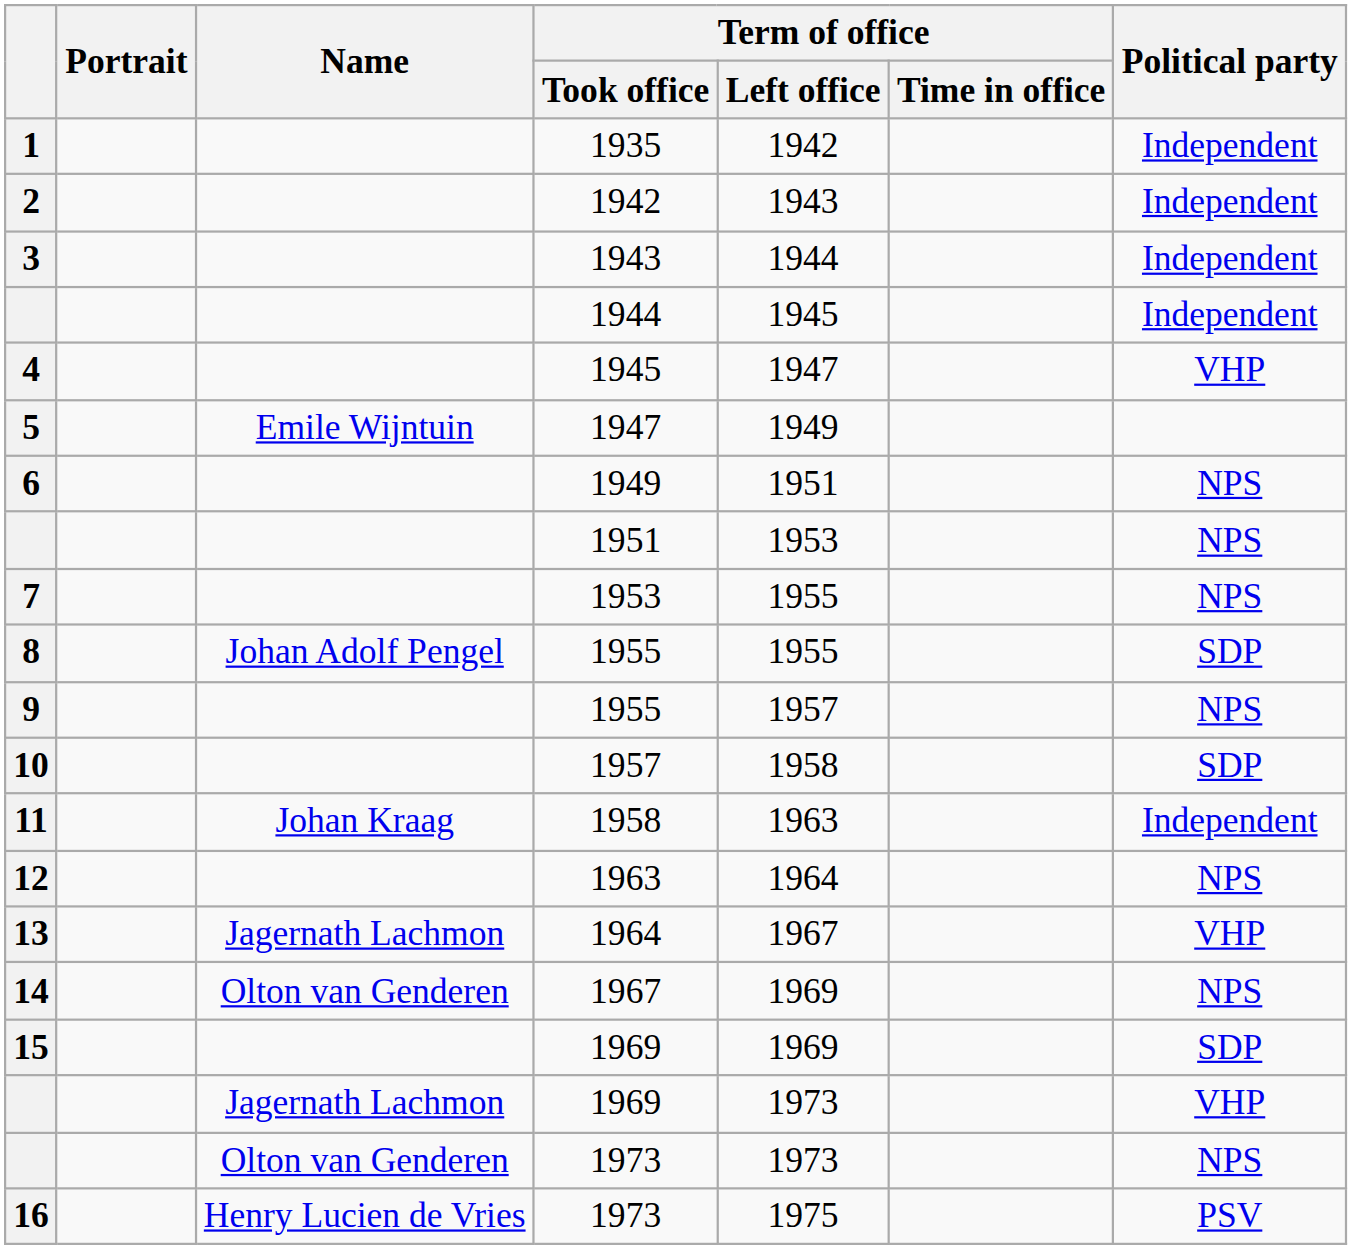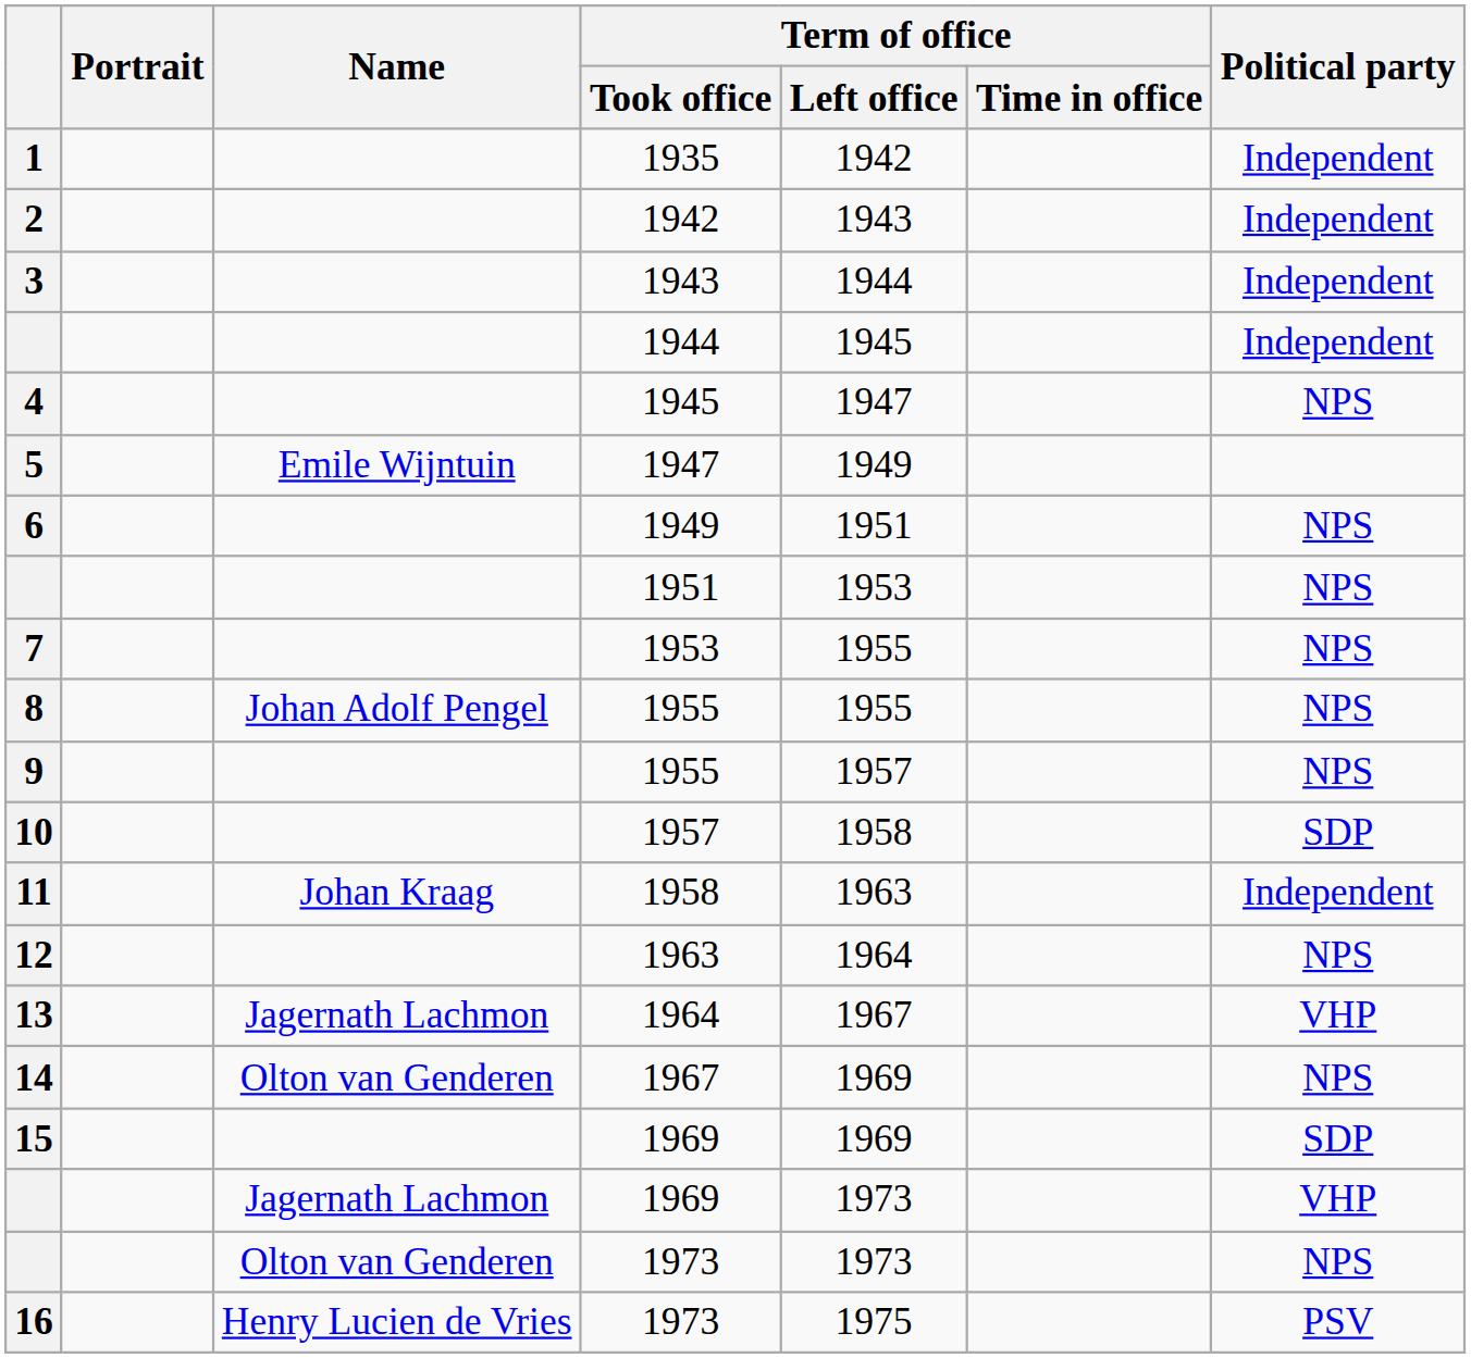 <table class="wikitable" style="text-align:center">
 <tr>
 <th rowspan=2></th>
 <th rowspan=2>Portrait</th>
 <th rowspan=2>Name<br></th>
 <th colspan=3>Term of office</th>
 <th rowspan=2>Political party</th>
 </tr>
 <tr>
 <th>Took office</th>
 <th>Left office</th>
 <th>Time in office</th>
 </tr>
 <tr>
 <th style="background:">1</th>
 <td></td>
 <td><br></td>
 <td> 1935</td>
 <td> 1942</td>
 <td></td>
 <td><a href='#'>Independent</a></td>
 </tr>
 <tr>
 <th style="background:">2</th>
 <td></td>
 <td><br></td>
 <td> 1942</td>
 <td> 1943</td>
 <td></td>
 <td><a href='#'>Independent</a></td>
 </tr>
 <tr>
 <th style="background:">3</th>
 <td></td>
 <td><br></td>
 <td> 1943</td>
 <td> 1944</td>
 <td></td>
 <td><a href='#'>Independent</a></td>
 </tr>
 <tr>
 <th style="background:"></th>
 <td></td>
 <td><br></td>
 <td> 1944</td>
 <td> 1945</td>
 <td></td>
 <td><a href='#'>Independent</a></td>
 </tr>
 <tr>
 <th style="background:">4</th>
 <td></td>
 <td><br></td>
 <td> 1945</td>
 <td> 1947</td>
 <td></td>
-<td><a href='#'>VHP</a></td>
+<td><a href='#'>NPS</a></td>
 </tr>
 <tr>
 <th style="background:">5</th>
 <td></td>
 <td><a href='#'>Emile Wijntuin</a><br></td>
 <td> 1947</td>
 <td> 1949</td>
 <td></td>
 <td></td>
 </tr>
 <tr>
 <th style="background:">6</th>
 <td></td>
 <td><br></td>
 <td> 1949</td>
 <td> 1951</td>
 <td></td>
 <td><a href='#'>NPS</a></td>
 </tr>
 <tr>
 <th style="background:"></th>
 <td></td>
 <td><br></td>
 <td> 1951</td>
 <td> 1953</td>
 <td></td>
 <td><a href='#'>NPS</a></td>
 </tr>
 <tr>
 <th style="background:">7</th>
 <td></td>
 <td><br></td>
 <td> 1953</td>
 <td> 1955</td>
 <td></td>
 <td><a href='#'>NPS</a></td>
 </tr>
 <tr>
 <th style="background:">8</th>
 <td></td>
 <td><a href='#'>Johan Adolf Pengel</a><br></td>
 <td> 1955</td>
 <td> 1955</td>
 <td></td>
-<td><a href='#'>SDP</a></td>
+<td><a href='#'>NPS</a></td>
 </tr>
 <tr>
 <th style="background:">9</th>
 <td></td>
 <td><br></td>
 <td> 1955</td>
 <td> 1957</td>
 <td></td>
 <td><a href='#'>NPS</a></td>
 </tr>
 <tr>
 <th style="background:">10</th>
 <td></td>
 <td><br></td>
 <td> 1957</td>
 <td> 1958</td>
 <td></td>
 <td><a href='#'>SDP</a></td>
 </tr>
 <tr>
 <th style="background:">11</th>
 <td></td>
 <td><a href='#'>Johan Kraag</a><br></td>
 <td> 1958</td>
 <td> 1963</td>
 <td></td>
 <td><a href='#'>Independent</a></td>
 </tr>
 <tr>
 <th style="background:">12</th>
 <td></td>
 <td><br></td>
 <td> 1963</td>
 <td> 1964</td>
 <td></td>
 <td><a href='#'>NPS</a></td>
 </tr>
 <tr>
 <th style="background:">13</th>
 <td></td>
 <td><a href='#'>Jagernath Lachmon</a><br></td>
 <td> 1964</td>
 <td> 1967</td>
 <td></td>
 <td><a href='#'>VHP</a></td>
 </tr>
 <tr>
 <th style="background:">14</th>
 <td></td>
 <td><a href='#'>Olton van Genderen</a><br></td>
 <td> 1967</td>
 <td> 1969</td>
 <td></td>
 <td><a href='#'>NPS</a></td>
 </tr>
 <tr>
 <th style="background:">15</th>
 <td></td>
 <td><br></td>
 <td> 1969</td>
 <td> 1969</td>
 <td></td>
 <td><a href='#'>SDP</a></td>
 </tr>
 <tr>
 <th style="background:"></th>
 <td></td>
 <td><a href='#'>Jagernath Lachmon</a><br></td>
 <td> 1969</td>
 <td> 1973</td>
 <td></td>
 <td><a href='#'>VHP</a></td>
 </tr>
 <tr>
 <th style="background:"></th>
 <td></td>
 <td><a href='#'>Olton van Genderen</a><br></td>
 <td> 1973</td>
 <td> 1973</td>
 <td></td>
 <td><a href='#'>NPS</a></td>
 </tr>
 <tr>
 <th style="background:">16</th>
 <td></td>
 <td><a href='#'>Henry Lucien de Vries</a><br></td>
 <td> 1973</td>
 <td> 1975</td>
 <td></td>
 <td><a href='#'>PSV</a></td>
 </tr>
 </table>
